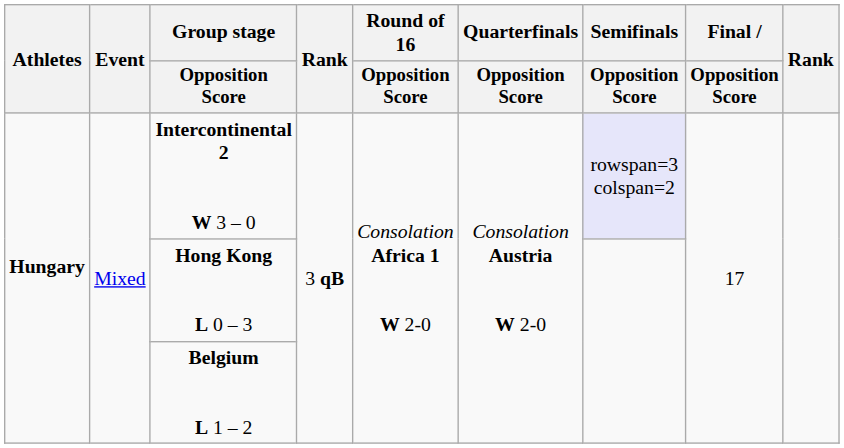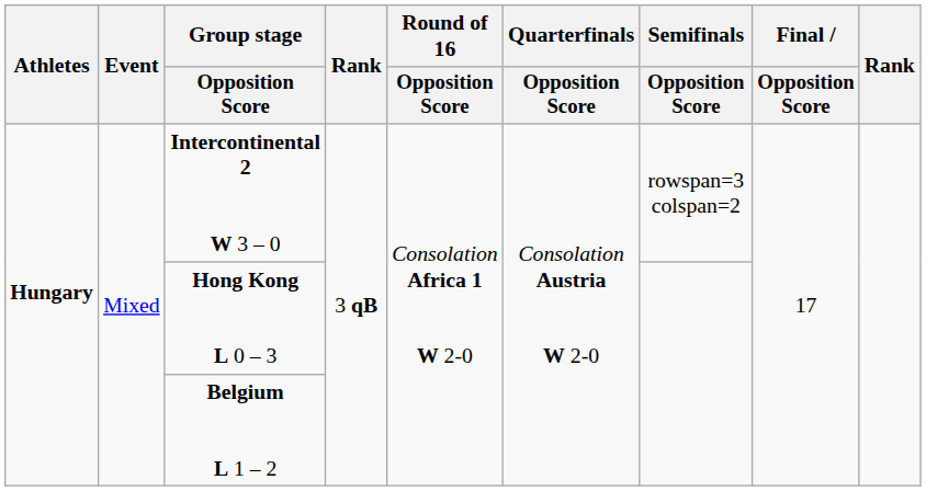 <table class=wikitable style="font-size:90%">
 <tr>
 <th rowspan="2">Athletes</th>
 <th rowspan="2">Event</th>
 <th>Group stage</th>
 <th rowspan="2">Rank</th>
 <th>Round of 16</th>
 <th>Quarterfinals</th>
 <th>Semifinals</th>
 <th>Final / </th>
 <th rowspan=2>Rank</th>
 </tr>
 <tr style="font-size:95%">
 <th>Opposition<br>Score</th>
 <th>Opposition<br>Score</th>
 <th>Opposition<br>Score</th>
 <th>Opposition<br>Score</th>
 <th>Opposition<br>Score</th>
 </tr>
 <tr align=center>
 <td align=left rowspan=3><strong>Hungary</strong><br><br></td>
 <td align=left rowspan=3><a href='#'>Mixed</a></td>
 <td><strong>Intercontinental 2</strong><br><br><br><strong>W</strong> 3 – 0</td>
 <td rowspan=3>3 <strong>qB</strong></td>
 <td rowspan=3><em>Consolation</em><br><strong>Africa 1</strong><br><br><br><strong>W</strong> 2-0</td>
 <td rowspan=3><em>Consolation</em><br><strong>Austria</strong><br><br><br><strong>W</strong> 2-0</td>
-<td style="background: lavender;">rowspan=3 colspan=2 </td>
+<td>rowspan=3 colspan=2 </td>
 <td rowspan=3>17</td>
 </tr>
 <tr align=center>
 <td><strong>Hong Kong</strong><br><br><br><strong>L</strong> 0 – 3</td>
 </tr>
 <tr align=center>
 <td><strong>Belgium</strong><br><br><br><strong>L</strong> 1 – 2</td>
 </tr>
 </table>
